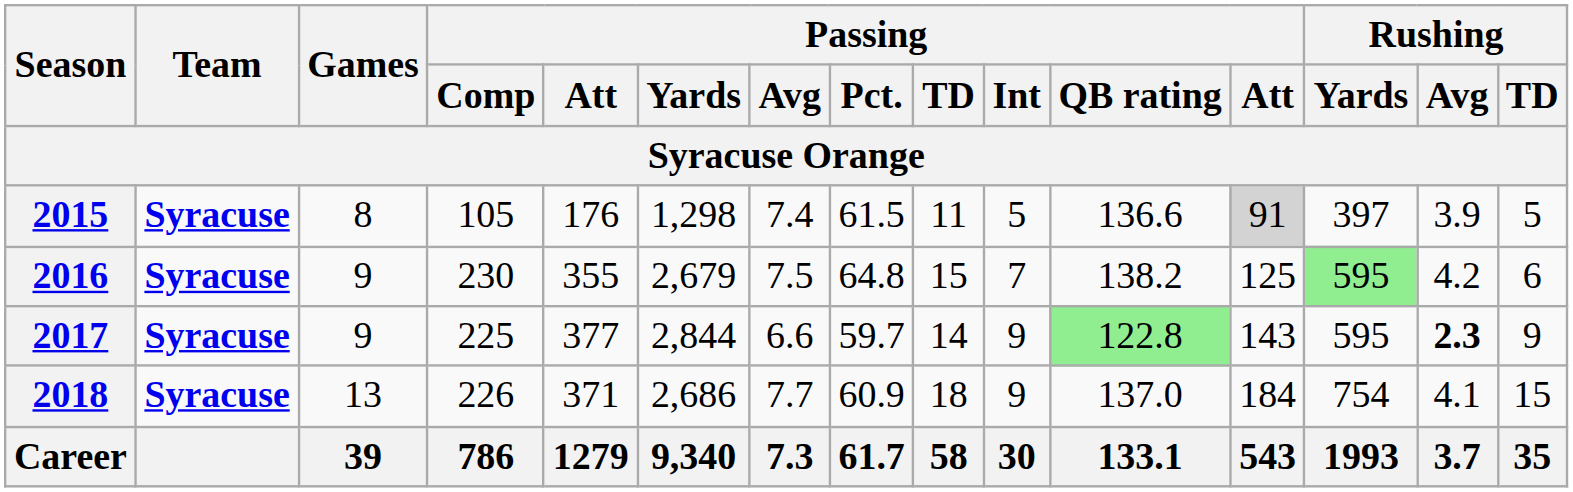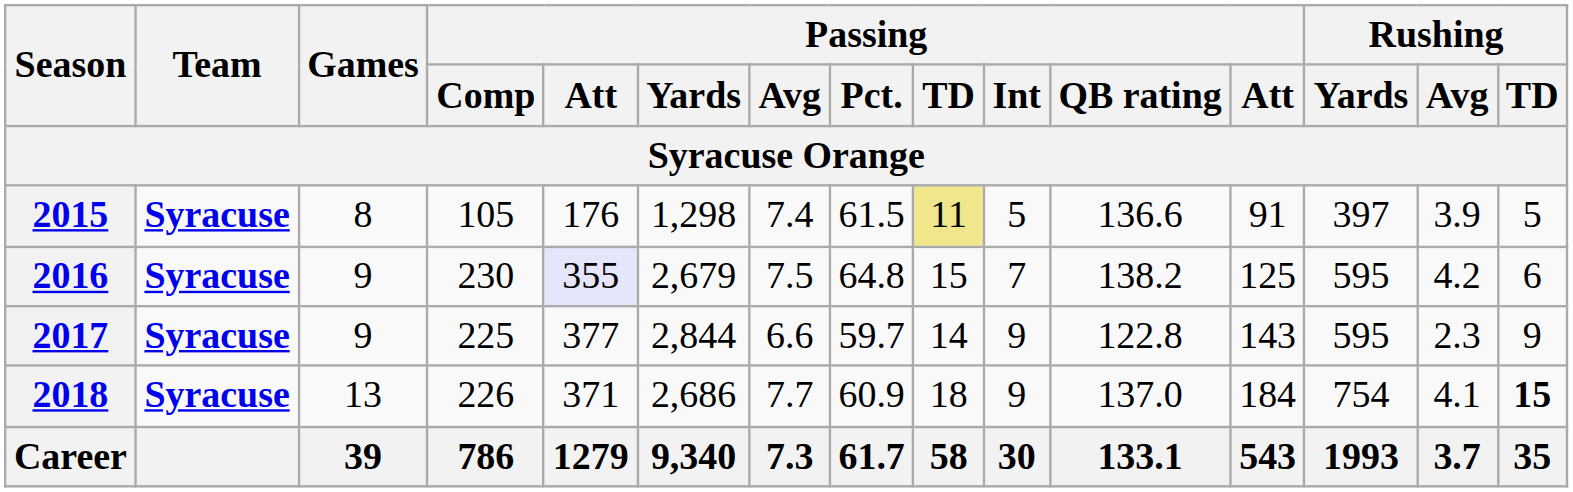 <table class="wikitable" style="text-align:center;">
 <tr>
 <th rowspan="2">Season</th>
 <th rowspan="2">Team</th>
 <th rowspan="2">Games</th>
 <th colspan="9">Passing</th>
 <th colspan="7">Rushing</th>
 </tr>
 <tr>
 <th>Comp</th>
 <th>Att</th>
 <th>Yards</th>
 <th>Avg</th>
 <th>Pct.</th>
 <th>TD</th>
 <th>Int</th>
 <th>QB rating</th>
 <th>Att</th>
 <th>Yards</th>
 <th>Avg</th>
 <th>TD</th>
 </tr>
 <tr>
 <th colspan="16">Syracuse Orange</th>
 </tr>
 <tr>
 <th><strong><a href='#'>2015</a></strong></th>
 <td><strong><a href='#'>Syracuse</a></strong></td>
 <td>8</td>
 <td>105</td>
 <td>176</td>
 <td>1,298</td>
 <td>7.4</td>
 <td>61.5</td>
-<td>11</td>
+<td style="background: khaki;">11</td>
 <td>5</td>
 <td>136.6</td>
-<td style="background: lightgrey;">91</td>
+<td>91</td>
 <td>397</td>
 <td>3.9</td>
 <td>5</td>
 </tr>
 <tr>
 <th><strong><a href='#'>2016</a></strong></th>
 <td><strong><a href='#'>Syracuse</a></strong></td>
 <td>9</td>
 <td>230</td>
-<td>355</td>
+<td style="background: lavender;">355</td>
 <td>2,679</td>
 <td>7.5</td>
 <td>64.8</td>
 <td>15</td>
 <td>7</td>
 <td>138.2</td>
 <td>125</td>
-<td style="background: lightgreen;">595</td>
+<td>595</td>
 <td>4.2</td>
 <td>6</td>
 </tr>
 <tr>
 <th><strong><a href='#'>2017</a></strong></th>
 <td><strong><a href='#'>Syracuse</a></strong></td>
 <td>9</td>
 <td>225</td>
 <td>377</td>
 <td>2,844</td>
 <td>6.6</td>
 <td>59.7</td>
 <td>14</td>
 <td>9</td>
-<td style="background: lightgreen;">122.8</td>
+<td>122.8</td>
 <td>143</td>
 <td>595</td>
-<td><strong>2.3</strong></td>
+<td>2.3</td>
 <td>9</td>
 </tr>
 <tr>
 <th><strong><a href='#'>2018</a></strong></th>
 <td><strong><a href='#'>Syracuse</a></strong></td>
 <td>13</td>
 <td>226</td>
 <td>371</td>
 <td>2,686</td>
 <td>7.7</td>
 <td>60.9</td>
 <td>18</td>
 <td>9</td>
 <td>137.0</td>
 <td>184</td>
 <td>754</td>
 <td>4.1</td>
-<td>15</td>
+<td><strong>15</strong></td>
 </tr>
 <tr>
 <th>Career</th>
 <th></th>
 <th>39</th>
 <th>786</th>
 <th>1279</th>
 <th>9,340</th>
 <th>7.3</th>
 <th>61.7</th>
 <th>58</th>
 <th>30</th>
 <th>133.1</th>
 <th>543</th>
 <th>1993</th>
 <th>3.7</th>
 <th>35</th>
 </tr>
 </table>
